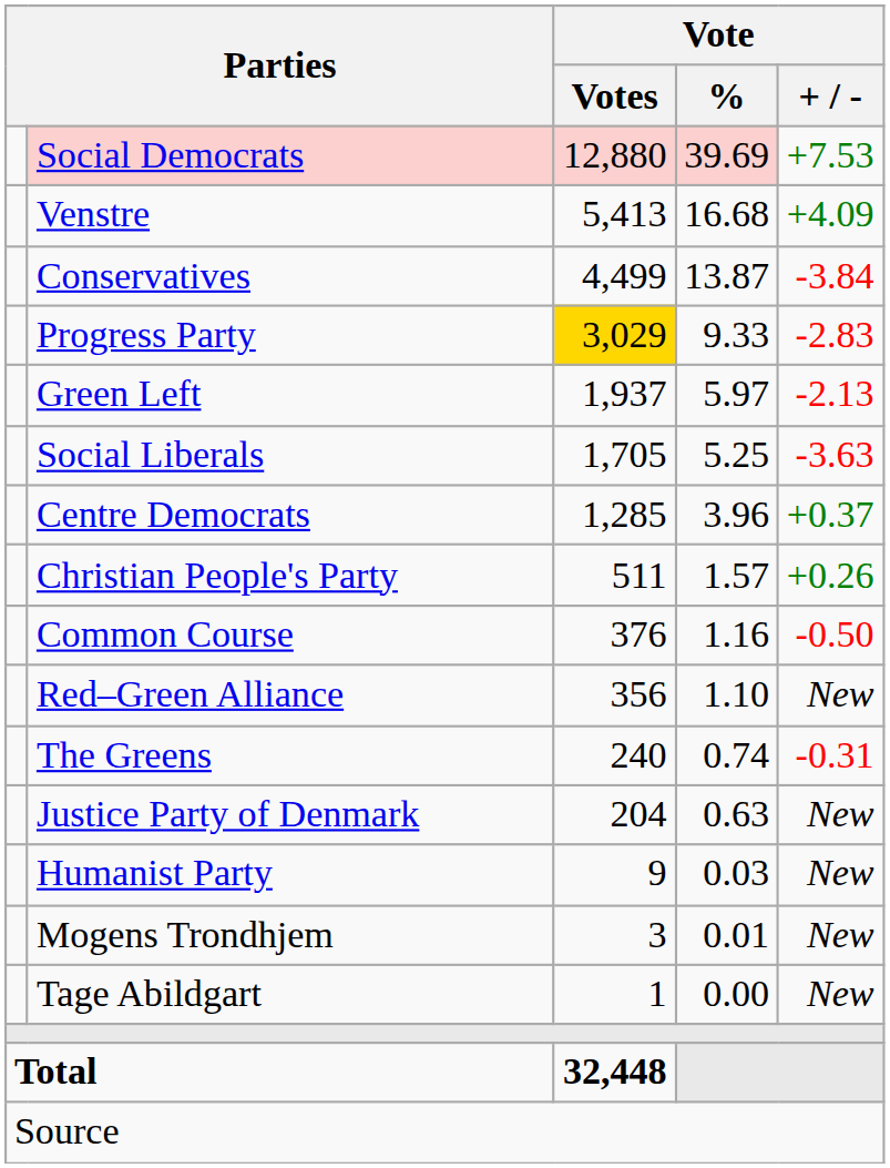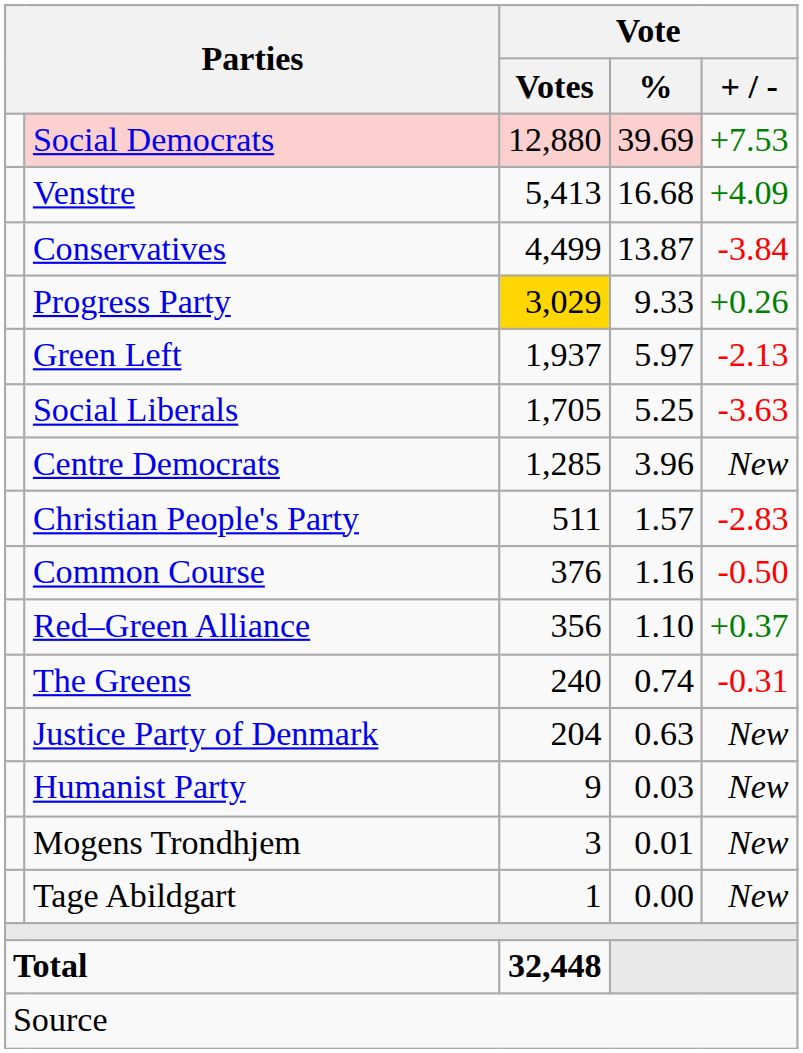 <table class="wikitable" style="text-align:right;">
 <tr>
 <th style="text-align:centre;" rowspan="2" colspan="2" width="225">Parties</th>
 <th colspan="3">Vote</th>
 </tr>
 <tr>
 <th width="15">Votes</th>
 <th width="15">%</th>
 <th width="15">+ / -</th>
 </tr>
 <tr>
 <td width="2" style="color:inherit;background:"></td>
 <td bgcolor=#fbd0ce  align="left"><a href='#'>Social Democrats</a></td>
 <td bgcolor=#fbd0ce>12,880</td>
 <td bgcolor=#fbd0ce>39.69</td>
 <td style=color:green;>+7.53</td>
 </tr>
 <tr>
 <td width="2" style="color:inherit;background:"></td>
 <td align="left"><a href='#'>Venstre</a></td>
 <td>5,413</td>
 <td>16.68</td>
 <td style=color:green;>+4.09</td>
 </tr>
 <tr>
 <td width="2" style="color:inherit;background:"></td>
 <td align="left"><a href='#'>Conservatives</a></td>
 <td>4,499</td>
 <td>13.87</td>
 <td style=color:red;>-3.84</td>
 </tr>
 <tr>
 <td width="2" style="color:inherit;background:"></td>
 <td align="left"><a href='#'>Progress Party</a></td>
 <td style="background: gold;">3,029</td>
 <td>9.33</td>
-<td style=color:red;>-2.83</td>
+<td style=color:green;>+0.26</td>
 </tr>
 <tr>
 <td width="2" style="color:inherit;background:"></td>
 <td align="left"><a href='#'>Green Left</a></td>
 <td>1,937</td>
 <td>5.97</td>
 <td style=color:red;>-2.13</td>
 </tr>
 <tr>
 <td width="2" style="color:inherit;background:"></td>
 <td align="left"><a href='#'>Social Liberals</a></td>
 <td>1,705</td>
 <td>5.25</td>
 <td style=color:red;>-3.63</td>
 </tr>
 <tr>
 <td width="2" style="color:inherit;background:"></td>
 <td align="left"><a href='#'>Centre Democrats</a></td>
 <td>1,285</td>
 <td>3.96</td>
-<td style=color:green;>+0.37</td>
+<td><em>New</em></td>
 </tr>
 <tr>
 <td width="2" style="color:inherit;background:"></td>
 <td align="left"><a href='#'>Christian People's Party</a></td>
 <td>511</td>
 <td>1.57</td>
-<td style=color:green;>+0.26</td>
+<td style=color:red;>-2.83</td>
 </tr>
 <tr>
 <td width="2" style="color:inherit;background:"></td>
 <td align="left"><a href='#'>Common Course</a></td>
 <td>376</td>
 <td>1.16</td>
 <td style=color:red;>-0.50</td>
 </tr>
 <tr>
 <td width="2" style="color:inherit;background:"></td>
 <td align="left"><a href='#'>Red–Green Alliance</a></td>
 <td>356</td>
 <td>1.10</td>
-<td><em>New</em></td>
+<td style=color:green;>+0.37</td>
 </tr>
 <tr>
 <td width="2" style="color:inherit;background:"></td>
 <td align="left"><a href='#'>The Greens</a></td>
 <td>240</td>
 <td>0.74</td>
 <td style=color:red;>-0.31</td>
 </tr>
 <tr>
 <td width="2" style="color:inherit;background:"></td>
 <td align="left"><a href='#'>Justice Party of Denmark</a></td>
 <td>204</td>
 <td>0.63</td>
 <td><em>New</em></td>
 </tr>
 <tr>
 <td width="2" style="color:inherit;background:"></td>
 <td align="left"><a href='#'>Humanist Party</a></td>
 <td>9</td>
 <td>0.03</td>
 <td><em>New</em></td>
 </tr>
 <tr>
 <td width="2" style="color:inherit;background:"></td>
 <td align="left">Mogens Trondhjem</td>
 <td>3</td>
 <td>0.01</td>
 <td><em>New</em></td>
 </tr>
 <tr>
 <td width="2" style="color:inherit;background:"></td>
 <td align="left">Tage Abildgart</td>
 <td>1</td>
 <td>0.00</td>
 <td><em>New</em></td>
 </tr>
 <tr>
 <td colspan="7" bgcolor="#E9E9E9"></td>
 </tr>
 <tr>
 <td align="left" colspan="2"><strong>Total</strong></td>
 <td><strong>32,448</strong></td>
 <td bgcolor="#E9E9E9" colspan="2"></td>
 </tr>
 <tr>
 <td align="left" colspan="6">Source</td>
 </tr>
 </table>
